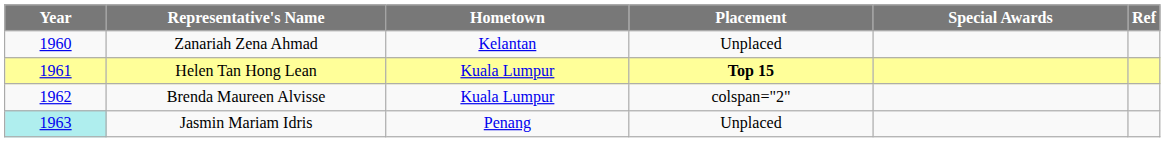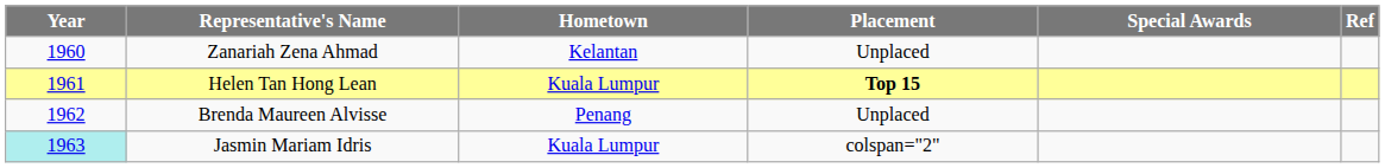 <table class="wikitable sortable" style="font-size: 85%; text-align:center">
 <tr>
 <th width="80" style="background-color:#787878;color:#FFFFFF;">Year</th>
 <th width="230" style="background-color:#787878;color:#FFFFFF;">Representative's Name</th>
 <th width="200" style="background-color:#787878;color:#FFFFFF;">Hometown</th>
 <th width="200" style="background-color:#787878;color:#FFFFFF;">Placement</th>
 <th width="210" style="background-color:#787878;color:#FFFFFF;">Special Awards</th>
 <th width="8" style="background-color:#787878;color:#FFFFFF;">Ref</th>
 </tr>
 <tr>
 <td><a href='#'>1960</a></td>
 <td>Zanariah Zena Ahmad</td>
 <td><a href='#'>Kelantan</a></td>
 <td>Unplaced</td>
 <td></td>
 <td></td>
 </tr>
 <tr style="background-color:#FFFF99">
 <td><a href='#'>1961</a></td>
 <td>Helen Tan Hong Lean</td>
 <td><a href='#'>Kuala Lumpur</a></td>
 <td><strong>Top 15</strong></td>
 <td></td>
 <td></td>
 </tr>
 <tr>
 <td><a href='#'>1962</a></td>
 <td>Brenda Maureen Alvisse</td>
-<td><a href='#'>Kuala Lumpur</a></td>
-<td>colspan="2" </td>
+<td><a href='#'>Penang</a></td>
+<td>Unplaced</td>
 <td></td>
 <td></td>
 </tr>
 <tr>
 <td style="background: paleturquoise;"><a href='#'>1963</a></td>
 <td>Jasmin Mariam Idris</td>
-<td><a href='#'>Penang</a></td>
-<td>Unplaced</td>
+<td><a href='#'>Kuala Lumpur</a></td>
+<td>colspan="2" </td>
 <td></td>
 </tr>
 </table>
